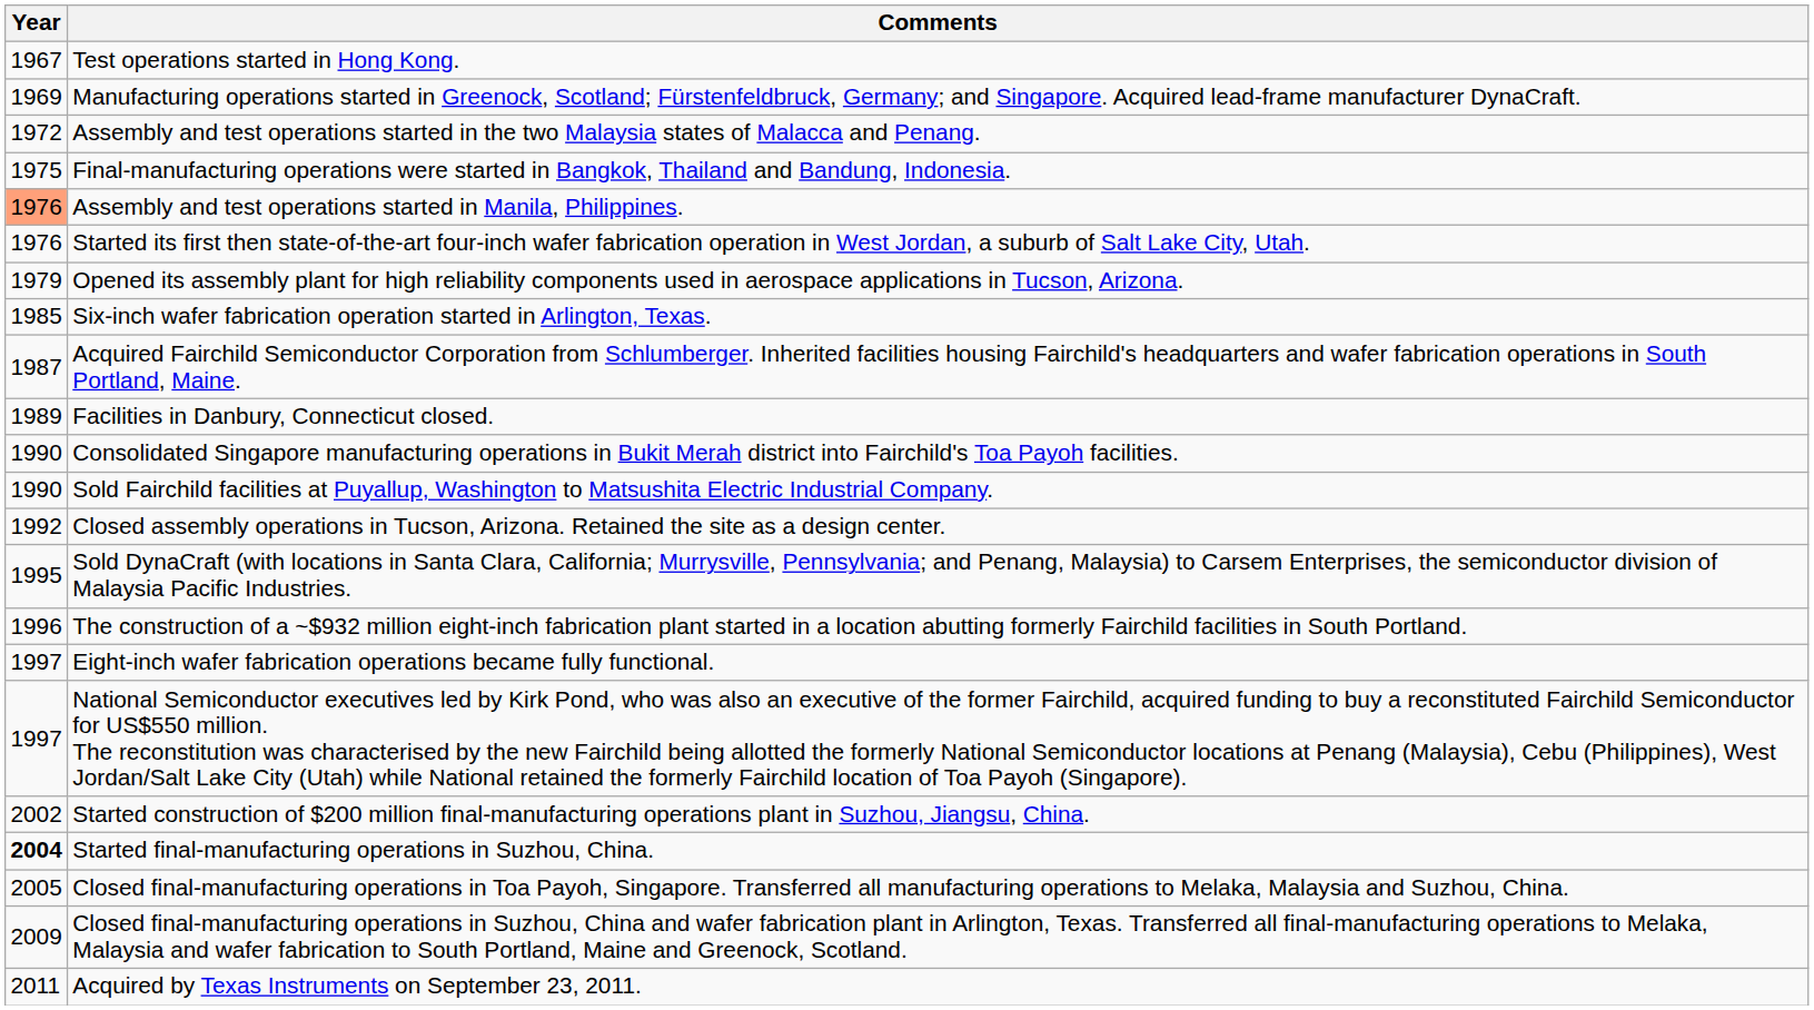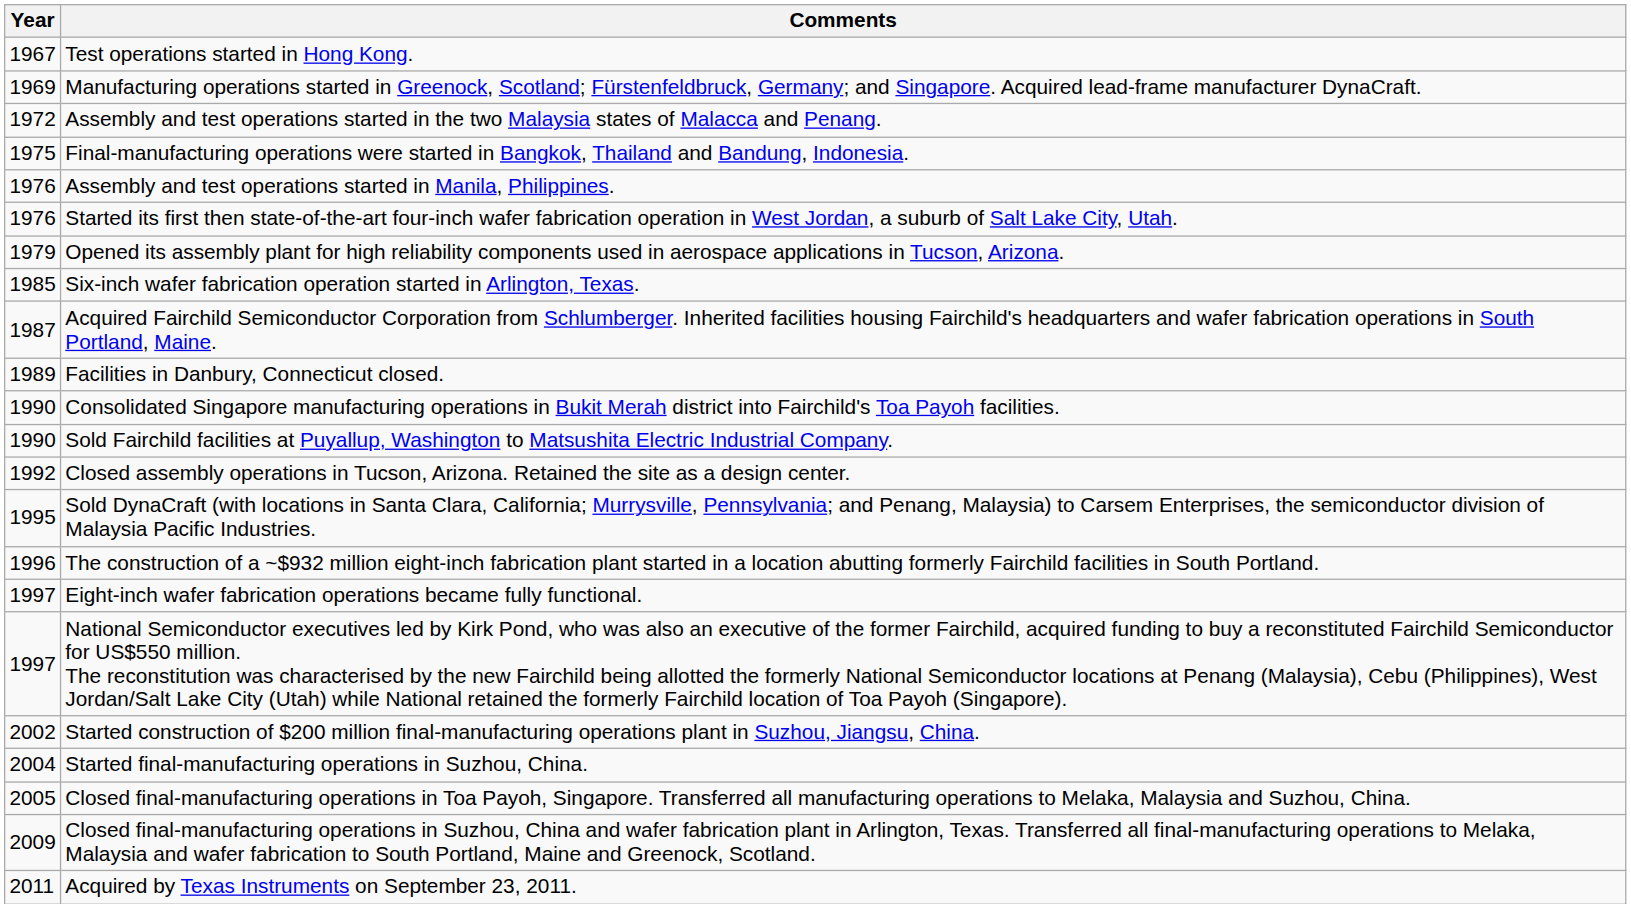 <table class="wikitable sortable">
 <tr>
 <th>Year</th>
 <th>Comments</th>
 </tr>
 <tr>
 <td>1967</td>
 <td>Test operations started in <a href='#'>Hong Kong</a>.</td>
 </tr>
 <tr>
 <td>1969</td>
 <td>Manufacturing operations started in <a href='#'>Greenock</a>, <a href='#'>Scotland</a>; <a href='#'>Fürstenfeldbruck</a>, <a href='#'>Germany</a>; and <a href='#'>Singapore</a>. Acquired lead-frame manufacturer DynaCraft.</td>
 </tr>
 <tr>
 <td>1972</td>
 <td>Assembly and test operations started in the two <a href='#'>Malaysia</a> states of <a href='#'>Malacca</a> and <a href='#'>Penang</a>.</td>
 </tr>
 <tr>
 <td>1975</td>
 <td>Final-manufacturing operations were started in <a href='#'>Bangkok</a>, <a href='#'>Thailand</a> and <a href='#'>Bandung</a>, <a href='#'>Indonesia</a>.</td>
 </tr>
 <tr>
-<td style="background: lightsalmon;">1976</td>
+<td>1976</td>
 <td>Assembly and test operations started in <a href='#'>Manila</a>, <a href='#'>Philippines</a>.</td>
 </tr>
 <tr>
 <td>1976</td>
 <td>Started its first then state-of-the-art four-inch wafer fabrication operation in <a href='#'>West Jordan</a>, a suburb of <a href='#'>Salt Lake City</a>, <a href='#'>Utah</a>.</td>
 </tr>
 <tr>
 <td>1979</td>
 <td>Opened its assembly plant for high reliability components used in aerospace applications in <a href='#'>Tucson</a>, <a href='#'>Arizona</a>.</td>
 </tr>
 <tr>
 <td>1985</td>
 <td>Six-inch wafer fabrication operation started in <a href='#'>Arlington, Texas</a>.</td>
 </tr>
 <tr>
 <td>1987</td>
 <td>Acquired Fairchild Semiconductor Corporation from <a href='#'>Schlumberger</a>. Inherited facilities housing Fairchild's headquarters and wafer fabrication operations in <a href='#'>South Portland</a>, <a href='#'>Maine</a>.</td>
 </tr>
 <tr>
 <td>1989</td>
 <td>Facilities in Danbury, Connecticut closed.</td>
 </tr>
 <tr>
 <td>1990</td>
 <td>Consolidated Singapore manufacturing operations in <a href='#'>Bukit Merah</a> district into Fairchild's <a href='#'>Toa Payoh</a> facilities.</td>
 </tr>
 <tr>
 <td>1990</td>
 <td>Sold Fairchild facilities at <a href='#'>Puyallup, Washington</a> to <a href='#'>Matsushita Electric Industrial Company</a>.</td>
 </tr>
 <tr>
 <td>1992</td>
 <td>Closed assembly operations in Tucson, Arizona. Retained the site as a design center.</td>
 </tr>
 <tr>
 <td>1995</td>
 <td>Sold DynaCraft (with locations in Santa Clara, California; <a href='#'>Murrysville</a>, <a href='#'>Pennsylvania</a>; and Penang, Malaysia) to Carsem Enterprises, the semiconductor division of Malaysia Pacific Industries.</td>
 </tr>
 <tr>
 <td>1996</td>
 <td>The construction of a ~$932 million eight-inch fabrication plant started in a location abutting formerly Fairchild facilities in South Portland.</td>
 </tr>
 <tr>
 <td>1997</td>
 <td>Eight-inch wafer fabrication operations became fully functional.</td>
 </tr>
 <tr>
 <td>1997</td>
 <td>National Semiconductor executives led by Kirk Pond, who was also an executive of the former Fairchild, acquired funding to buy a reconstituted Fairchild Semiconductor for US$550 million.<br>The reconstitution was characterised by the new Fairchild being allotted the formerly National Semiconductor locations at Penang (Malaysia), Cebu (Philippines), West Jordan/Salt Lake City (Utah) while National retained the formerly Fairchild location of Toa Payoh (Singapore).</td>
 </tr>
 <tr>
 <td>2002</td>
 <td>Started construction of $200 million final-manufacturing operations plant in <a href='#'>Suzhou, Jiangsu</a>, <a href='#'>China</a>.</td>
 </tr>
 <tr>
-<td><strong>2004</strong></td>
+<td>2004</td>
 <td>Started final-manufacturing operations in Suzhou, China.</td>
 </tr>
 <tr>
 <td>2005</td>
 <td>Closed final-manufacturing operations in Toa Payoh, Singapore. Transferred all manufacturing operations to Melaka, Malaysia and Suzhou, China.</td>
 </tr>
 <tr>
 <td>2009</td>
 <td>Closed final-manufacturing operations in Suzhou, China and wafer fabrication plant in Arlington, Texas. Transferred all final-manufacturing operations to Melaka, Malaysia and wafer fabrication to South Portland, Maine and Greenock, Scotland.</td>
 </tr>
 <tr>
 <td>2011</td>
 <td>Acquired by <a href='#'>Texas Instruments</a> on September 23, 2011.</td>
 </tr>
 </table>
